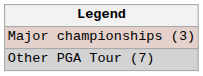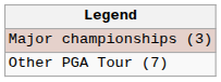 <table class="wikitable" style="font-size:95%;">
 <tr>
 <th>Legend</th>
 </tr>
 <tr style="background:#e5d1cb;">
 <td>Major championships (3)</td>
 </tr>
 <tr>
-<td style="background: lightgrey;">Other PGA Tour (7)</td>
+<td>Other PGA Tour (7)</td>
 </tr>
 </table>
